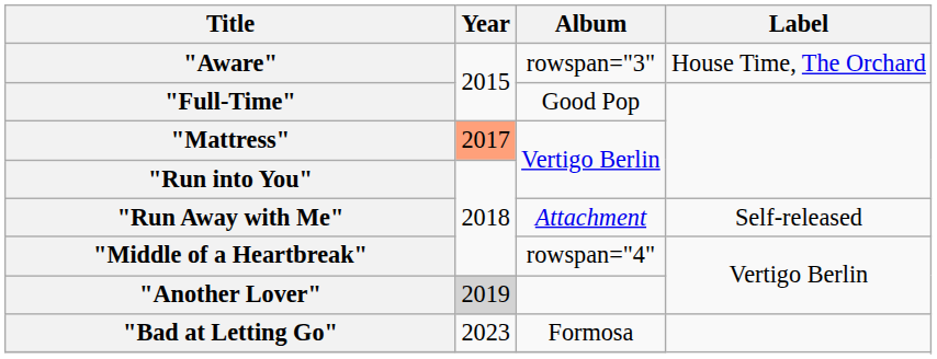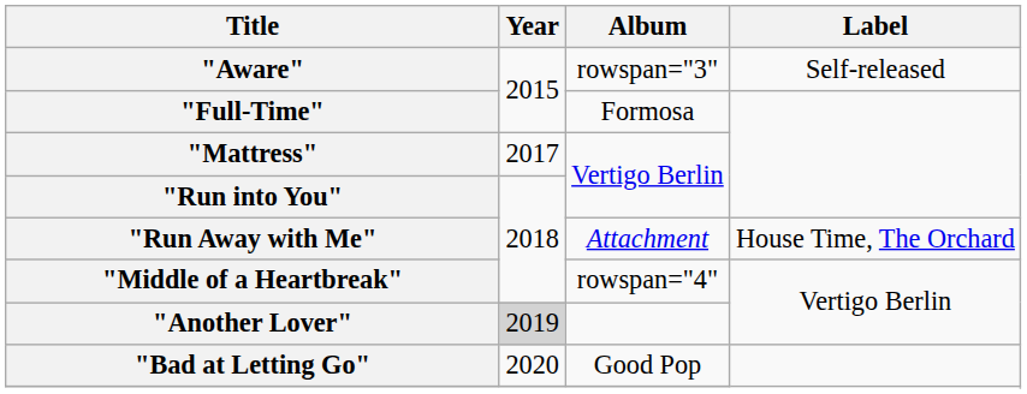 <table class="wikitable plainrowheaders" style="text-align: center">
 <tr>
 <th scope="col" style="width:18em;">Title</th>
 <th scope="col">Year</th>
 <th scope="col">Album</th>
 <th scope="col">Label</th>
 </tr>
 <tr>
 <th scope="row">"Aware"</th>
 <td rowspan="2">2015</td>
 <td>rowspan="3" </td>
-<td>House Time, <a href='#'>The Orchard</a></td>
+<td>Self-released</td>
 </tr>
 <tr>
 <th scope="row">"Full-Time"<br></th>
-<td>Good Pop</td>
+<td>Formosa</td>
 </tr>
 <tr>
 <th scope="row">"Mattress"<br></th>
-<td style="background: lightsalmon;">2017</td>
+<td>2017</td>
 <td rowspan="2"><a href='#'>Vertigo Berlin</a></td>
 </tr>
 <tr>
 <th scope="row">"Run into You"</th>
 <td rowspan="3">2018</td>
 </tr>
 <tr>
 <th scope="row">"Run Away with Me"<br></th>
 <td><em><a href='#'>Attachment</a></em></td>
-<td>Self-released</td>
+<td>House Time, <a href='#'>The Orchard</a></td>
 </tr>
 <tr>
 <th scope="row">"Middle of a Heartbreak"</th>
 <td>rowspan="4" </td>
 <td rowspan="2">Vertigo Berlin</td>
 </tr>
 <tr>
 <th scope="row">"Another Lover"</th>
 <td style="background: lightgrey;">2019</td>
 </tr>
 <tr>
 <th scope="row">"Bad at Letting Go"<br></th>
-<td>2023</td>
-<td>Formosa</td>
+<td>2020</td>
+<td>Good Pop</td>
 </tr>
 <tr>
 </tr>
 </table>
